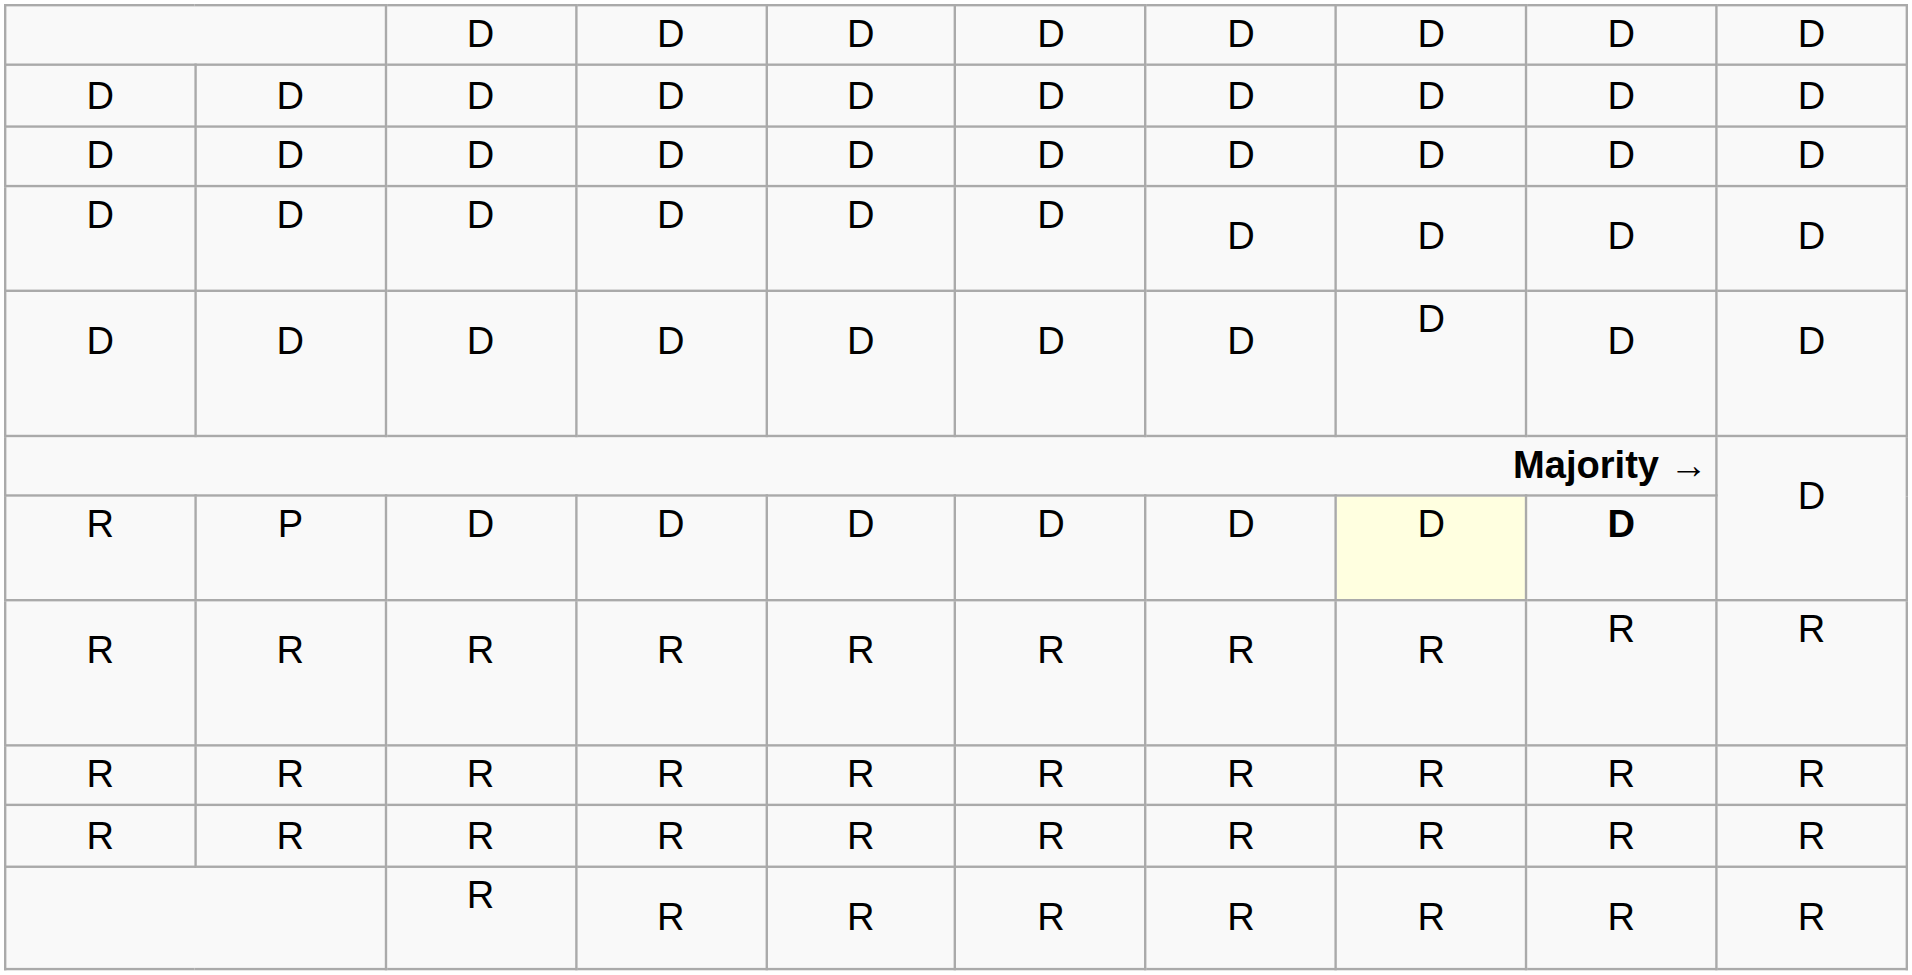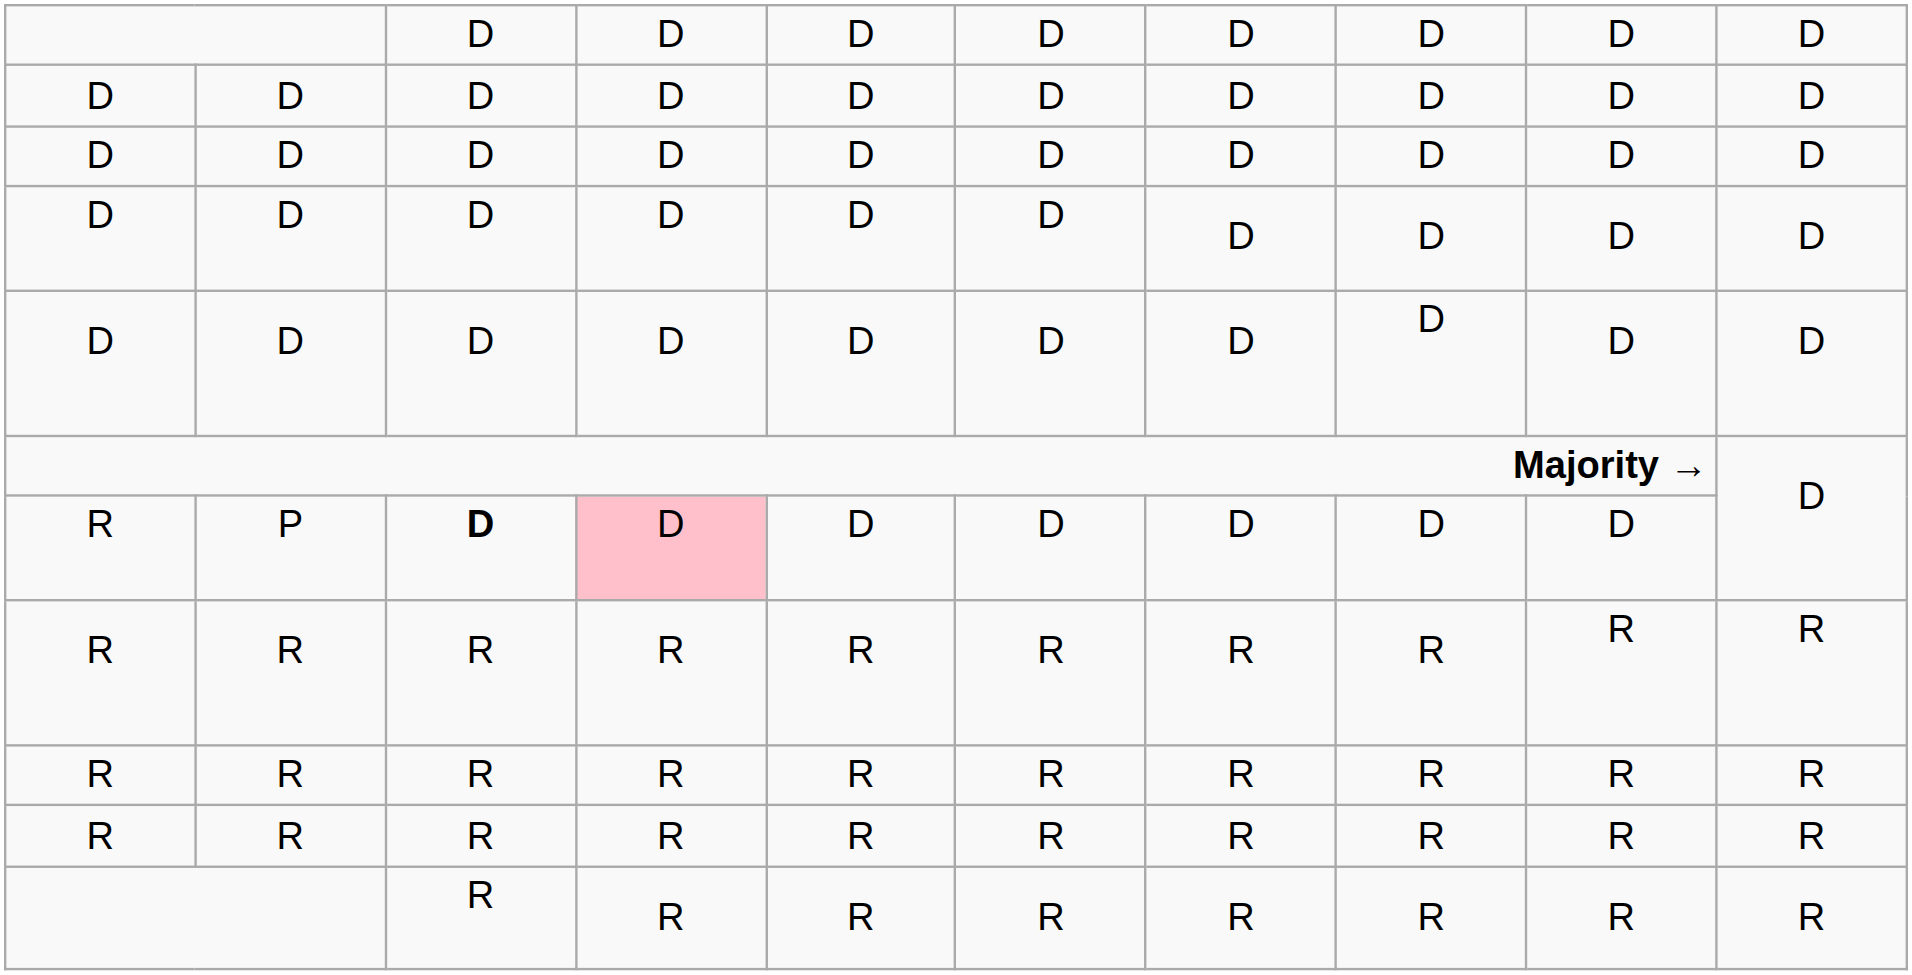 <table class="wikitable" style="text-align:center" width=800px>
 <tr>
 <td colspan=2> </td>
 <td>D</td>
 <td>D</td>
 <td>D</td>
 <td>D</td>
 <td>D</td>
 <td>D</td>
 <td>D</td>
 <td>D</td>
 </tr>
 <tr>
 <td width=50px >D</td>
 <td width=50px >D</td>
 <td width=50px >D</td>
 <td width=50px >D</td>
 <td width=50px >D</td>
 <td width=50px >D</td>
 <td width=50px >D</td>
 <td width=50px >D</td>
 <td width=50px >D</td>
 <td width=50px >D</td>
 </tr>
 <tr>
 <td>D</td>
 <td>D</td>
 <td>D</td>
 <td>D</td>
 <td>D</td>
 <td>D</td>
 <td>D</td>
 <td>D</td>
 <td>D</td>
 <td>D</td>
 </tr>
 <tr>
 <td>D<br><br></td>
 <td>D<br><br></td>
 <td>D<br><br></td>
 <td>D<br><br></td>
 <td>D<br><br></td>
 <td>D<br><br></td>
 <td>D</td>
 <td>D</td>
 <td>D</td>
 <td>D</td>
 </tr>
 <tr>
 <td>D<br><br></td>
 <td>D<br><br></td>
 <td>D<br><br></td>
 <td>D<br><br></td>
 <td>D<br><br></td>
 <td>D<br><br></td>
 <td>D<br><br></td>
 <td>D<br><br><br></td>
 <td>D<br><br></td>
 <td>D<br><br></td>
 </tr>
 <tr>
 <td colspan=9 align=right><strong>Majority →</strong></td>
 <td rowspan=2 >D<br><br></td>
 </tr>
 <tr>
 <td>R<br><br></td>
 <td>P<br><br></td>
+<td><strong>D<br><br></strong></td>
+<td style="background: pink;">D<br><br></td>
 <td>D<br><br></td>
 <td>D<br><br></td>
 <td>D<br><br></td>
 <td>D<br><br></td>
 <td>D<br><br></td>
-<td style="background: lightyellow;">D<br><br></td>
-<td><strong>D<br><br></strong></td>
 </tr>
 <tr>
 <td>R<br><br></td>
 <td>R<br><br></td>
 <td>R<br><br></td>
 <td>R<br><br></td>
 <td>R<br><br></td>
 <td>R<br><br></td>
 <td>R<br><br></td>
 <td>R<br><br></td>
 <td>R<br><br><br></td>
 <td>R<br><br><br></td>
 </tr>
 <tr>
 <td>R</td>
 <td>R</td>
 <td>R</td>
 <td>R</td>
 <td>R</td>
 <td>R</td>
 <td>R</td>
 <td>R</td>
 <td>R</td>
 <td>R</td>
 </tr>
 <tr>
 <td>R</td>
 <td>R</td>
 <td>R</td>
 <td>R</td>
 <td>R</td>
 <td>R</td>
 <td>R</td>
 <td>R</td>
 <td>R</td>
 <td>R</td>
 </tr>
 <tr>
 <td colspan=2></td>
 <td>R<br><br></td>
 <td>R</td>
 <td>R</td>
 <td>R</td>
 <td>R</td>
 <td>R</td>
 <td>R</td>
 <td>R</td>
 </tr>
 </table>
